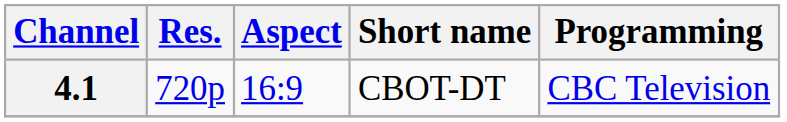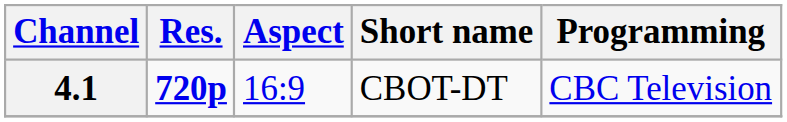 <table class="wikitable">
 <tr>
 <th><a href='#'>Channel</a></th>
 <th><a href='#'>Res.</a></th>
 <th><a href='#'>Aspect</a></th>
 <th>Short name</th>
 <th>Programming</th>
 </tr>
 <tr>
 <th scope = "row">4.1</th>
-<td><a href='#'>720p</a></td>
+<td><strong><a href='#'>720p</a></strong></td>
 <td><a href='#'>16:9</a></td>
 <td>CBOT-DT</td>
 <td><a href='#'>CBC Television</a></td>
 </tr>
 <tr>
 </tr>
 </table>
